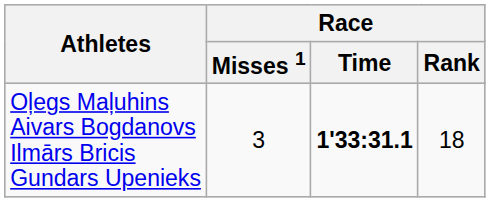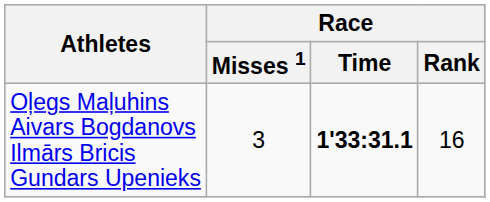 <table class="wikitable" border="1" style="font-size:90%">
 <tr>
 <th rowspan=2>Athletes</th>
 <th colspan=3>Race</th>
 </tr>
 <tr>
 <th>Misses <sup>1</sup></th>
 <th>Time</th>
 <th>Rank</th>
 </tr>
 <tr>
 <td><a href='#'>Oļegs Maļuhins</a><br><a href='#'>Aivars Bogdanovs</a><br><a href='#'>Ilmārs Bricis</a><br><a href='#'>Gundars Upenieks</a></td>
 <td align=center>3</td>
 <td align=center><strong>1'33:31.1</strong></td>
-<td align=center>18</td>
+<td align=center>16</td>
 </tr>
 </table>
